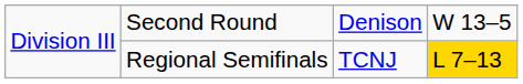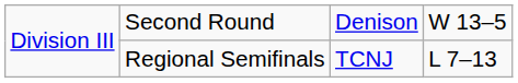 <table class="wikitable">
 <tr>
 <td rowspan="5"><a href='#'>Division III</a></td>
 <td>Second Round</td>
 <td><a href='#'>Denison</a></td>
 <td>W 13–5</td>
 </tr>
 <tr>
 <td>Regional Semifinals</td>
 <td><a href='#'>TCNJ</a></td>
-<td style="background: gold;">L 7–13</td>
+<td>L 7–13</td>
 </tr>
 </table>
